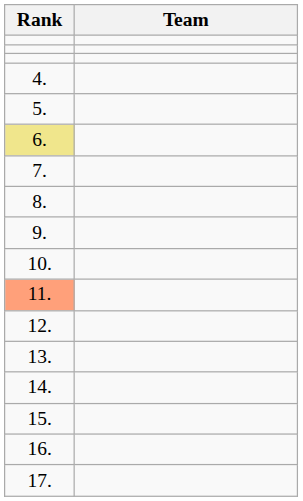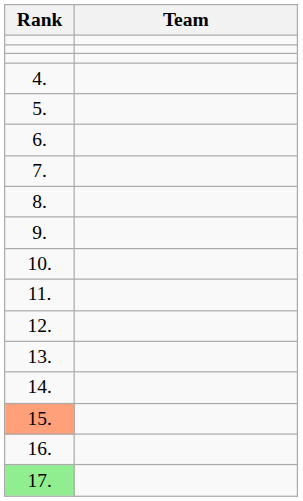 <table class="wikitable" style="text-align: center">
 <tr>
 <th width=50>Rank</th>
 <th width=175>Team</th>
 </tr>
 <tr>
 <td></td>
 <td align=left></td>
 </tr>
 <tr>
 <td></td>
 <td align=left></td>
 </tr>
 <tr>
 <td></td>
 <td align=left></td>
 </tr>
 <tr>
 <td>4.</td>
 <td align=left></td>
 </tr>
 <tr>
 <td>5.</td>
 <td align=left></td>
 </tr>
 <tr>
-<td style="background: khaki;">6.</td>
+<td>6.</td>
 <td align=left></td>
 </tr>
 <tr>
 <td>7.</td>
 <td align=left></td>
 </tr>
 <tr>
 <td>8.</td>
 <td align=left></td>
 </tr>
 <tr>
 <td>9.</td>
 <td align=left></td>
 </tr>
 <tr>
 <td>10.</td>
 <td align=left></td>
 </tr>
 <tr>
-<td style="background: lightsalmon;">11.</td>
+<td>11.</td>
 <td align=left></td>
 </tr>
 <tr>
 <td>12.</td>
 <td align=left></td>
 </tr>
 <tr>
 <td>13.</td>
 <td align=left></td>
 </tr>
 <tr>
 <td>14.</td>
 <td align=left></td>
 </tr>
 <tr>
-<td>15.</td>
+<td style="background: lightsalmon;">15.</td>
 <td align=left></td>
 </tr>
 <tr>
 <td>16.</td>
 <td align=left></td>
 </tr>
 <tr>
-<td>17.</td>
+<td style="background: lightgreen;">17.</td>
 <td align=left></td>
 </tr>
 </table>
